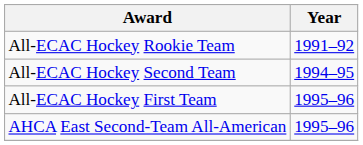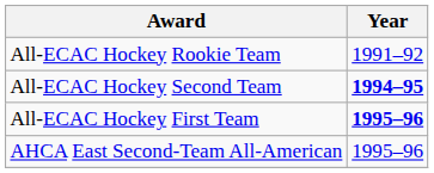 <table class="wikitable">
 <tr>
 <th>Award</th>
 <th>Year</th>
 </tr>
 <tr>
 <td>All-<a href='#'>ECAC Hockey</a> <a href='#'>Rookie Team</a></td>
 <td><a href='#'>1991–92</a></td>
 </tr>
 <tr>
 <td>All-<a href='#'>ECAC Hockey</a> <a href='#'>Second Team</a></td>
-<td><a href='#'>1994–95</a></td>
+<td><strong><a href='#'>1994–95</a></strong></td>
 </tr>
 <tr>
 <td>All-<a href='#'>ECAC Hockey</a> <a href='#'>First Team</a></td>
-<td><a href='#'>1995–96</a></td>
+<td><strong><a href='#'>1995–96</a></strong></td>
 </tr>
 <tr>
 <td><a href='#'>AHCA</a> <a href='#'>East Second-Team All-American</a></td>
 <td><a href='#'>1995–96</a></td>
 </tr>
 <tr>
 </tr>
 </table>
